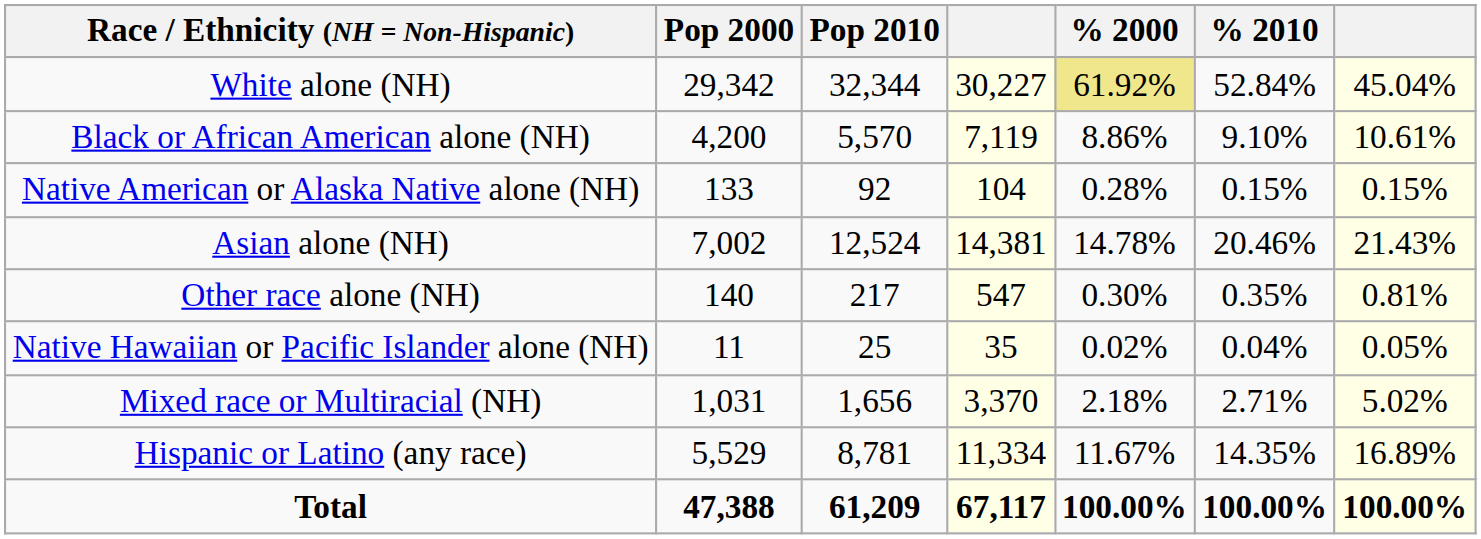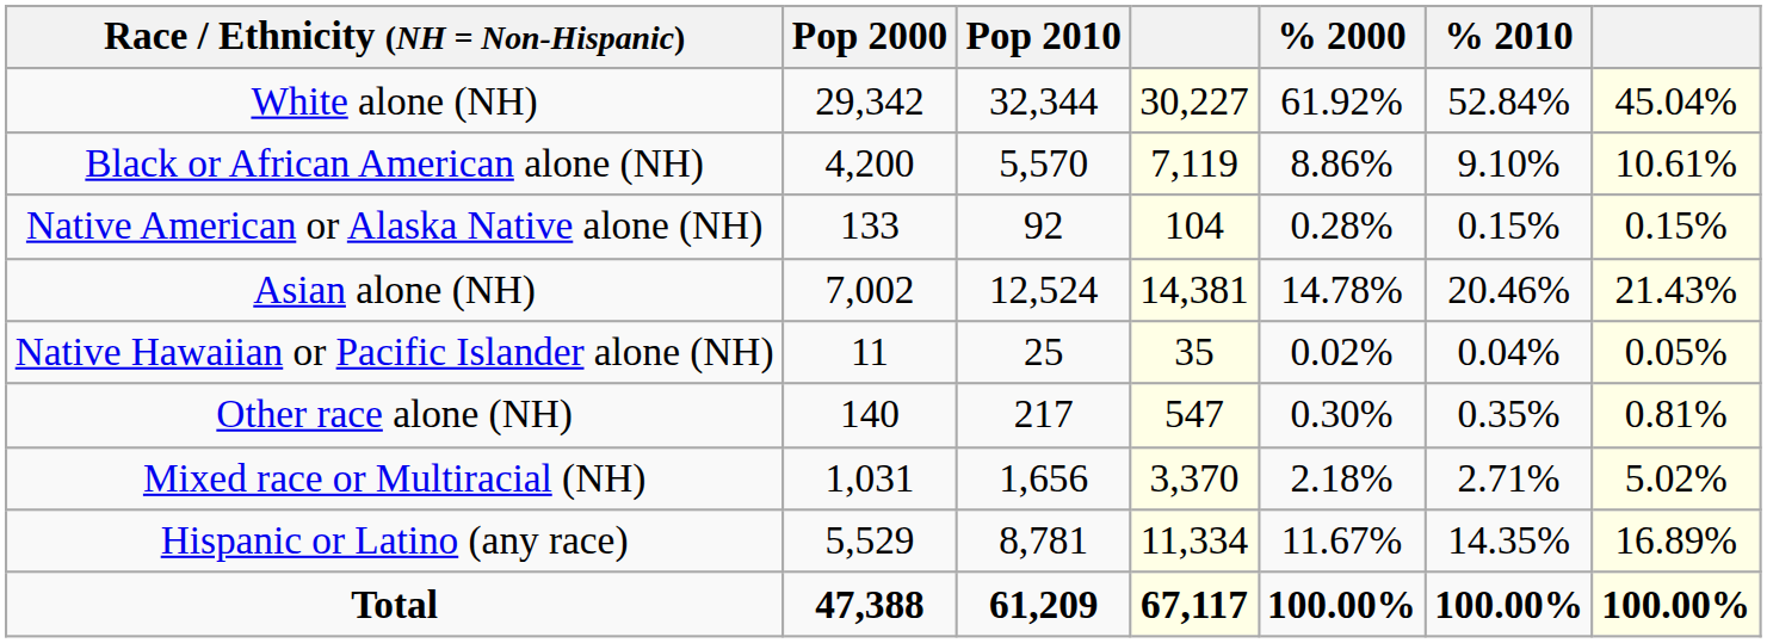 <table class="wikitable" style="text-align:center;">
 <tr>
 <th>Race / Ethnicity <small>(<em>NH = Non-Hispanic</em>)</small></th>
 <th>Pop 2000</th>
 <th>Pop 2010</th>
 <th></th>
 <th>% 2000</th>
 <th>% 2010</th>
 <th></th>
 </tr>
 <tr>
 <td><a href='#'>White</a> alone (NH)</td>
 <td>29,342</td>
 <td>32,344</td>
 <td style='background: #ffffe6;'>30,227</td>
-<td style="background: khaki;">61.92%</td>
+<td>61.92%</td>
 <td>52.84%</td>
 <td style='background: #ffffe6;'>45.04%</td>
 </tr>
 <tr>
 <td><a href='#'>Black or African American</a> alone (NH)</td>
 <td>4,200</td>
 <td>5,570</td>
 <td style='background: #ffffe6;'>7,119</td>
 <td>8.86%</td>
 <td>9.10%</td>
 <td style='background: #ffffe6;'>10.61%</td>
 </tr>
 <tr>
 <td><a href='#'>Native American</a> or <a href='#'>Alaska Native</a> alone (NH)</td>
 <td>133</td>
 <td>92</td>
 <td style='background: #ffffe6;'>104</td>
 <td>0.28%</td>
 <td>0.15%</td>
 <td style='background: #ffffe6;'>0.15%</td>
 </tr>
 <tr>
 <td><a href='#'>Asian</a> alone (NH)</td>
 <td>7,002</td>
 <td>12,524</td>
 <td style='background: #ffffe6;'>14,381</td>
 <td>14.78%</td>
 <td>20.46%</td>
 <td style='background: #ffffe6;'>21.43%</td>
 </tr>
 <tr>
+<td><a href='#'>Native Hawaiian</a> or <a href='#'>Pacific Islander</a> alone (NH)</td>
+<td>11</td>
+<td>25</td>
+<td style='background: #ffffe6;'>35</td>
+<td>0.02%</td>
+<td>0.04%</td>
+<td style='background: #ffffe6;'>0.05%</td>
+</tr>
+<tr>
 <td><a href='#'>Other race</a> alone (NH)</td>
 <td>140</td>
 <td>217</td>
 <td style='background: #ffffe6;'>547</td>
 <td>0.30%</td>
 <td>0.35%</td>
 <td style='background: #ffffe6;'>0.81%</td>
-</tr>
-<tr>
-<td><a href='#'>Native Hawaiian</a> or <a href='#'>Pacific Islander</a> alone (NH)</td>
-<td>11</td>
-<td>25</td>
-<td style='background: #ffffe6;'>35</td>
-<td>0.02%</td>
-<td>0.04%</td>
-<td style='background: #ffffe6;'>0.05%</td>
 </tr>
 <tr>
 <td><a href='#'>Mixed race or Multiracial</a> (NH)</td>
 <td>1,031</td>
 <td>1,656</td>
 <td style='background: #ffffe6;'>3,370</td>
 <td>2.18%</td>
 <td>2.71%</td>
 <td style='background: #ffffe6;'>5.02%</td>
 </tr>
 <tr>
 <td><a href='#'>Hispanic or Latino</a> (any race)</td>
 <td>5,529</td>
 <td>8,781</td>
 <td style='background: #ffffe6;'>11,334</td>
 <td>11.67%</td>
 <td>14.35%</td>
 <td style='background: #ffffe6;'>16.89%</td>
 </tr>
 <tr>
 <td><strong>Total</strong></td>
 <td><strong>47,388</strong></td>
 <td><strong>61,209</strong></td>
 <td style='background: #ffffe6;'><strong>67,117</strong></td>
 <td><strong>100.00%</strong></td>
 <td><strong>100.00%</strong></td>
 <td style='background: #ffffe6;'><strong>100.00%</strong></td>
 </tr>
 </table>
